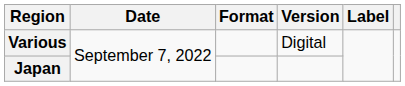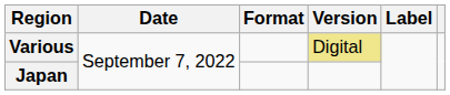 <table class="wikitable plainrowheaders">
 <tr>
 <th scope="col">Region</th>
 <th scope="col">Date</th>
 <th scope="col">Format</th>
 <th scope="col">Version</th>
 <th scope="col">Label</th>
 <th scope="col"></th>
 </tr>
 <tr>
 <th scope="row">Various</th>
 <td rowspan="2">September 7, 2022</td>
 <td></td>
-<td>Digital</td>
+<td style="background: khaki;">Digital</td>
 <td rowspan="2"></td>
 <td style="text-align:center" rowspan="2"></td>
 </tr>
 <tr>
 <th scope="row">Japan</th>
 <td></td>
 <td></td>
 </tr>
 </table>
